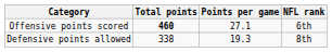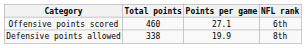 <table class="wikitable" style="text-align:center">
 <tr>
 <th>Category</th>
 <th>Total points</th>
 <th>Points per game</th>
 <th>NFL rank<br></th>
 </tr>
 <tr>
 <td>Offensive points scored</td>
-<td><strong>460</strong></td>
+<td>460</td>
 <td>27.1</td>
 <td>6th</td>
 </tr>
 <tr>
 <td>Defensive points allowed</td>
 <td>338</td>
-<td>19.3</td>
+<td>19.9</td>
 <td>8th</td>
 </tr>
 </table>
